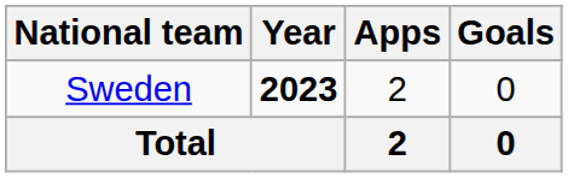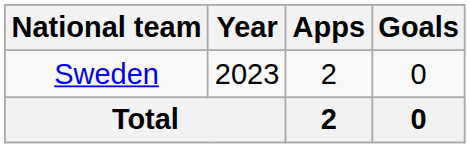 <table class="wikitable" style="text-align:center">
 <tr>
 <th>National team</th>
 <th>Year</th>
 <th>Apps</th>
 <th>Goals</th>
 </tr>
 <tr>
 <td rowspan="1"><a href='#'>Sweden</a></td>
-<td><strong>2023</strong></td>
+<td>2023</td>
 <td>2</td>
 <td>0</td>
 </tr>
 <tr>
 <th colspan="2">Total</th>
 <th>2</th>
 <th>0</th>
 </tr>
 </table>
